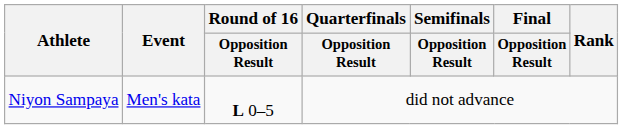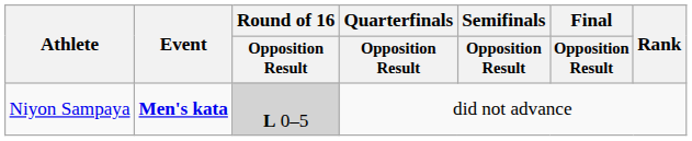 <table class="wikitable" style="font-size:90%;">
 <tr>
 <th rowspan=2>Athlete</th>
 <th rowspan=2>Event</th>
 <th>Round of 16</th>
 <th>Quarterfinals</th>
 <th>Semifinals</th>
 <th>Final</th>
 <th rowspan=2>Rank</th>
 </tr>
 <tr style="font-size:85%">
 <th>Opposition<br>Result</th>
 <th>Opposition<br>Result</th>
 <th>Opposition<br>Result</th>
 <th>Opposition<br>Result</th>
 </tr>
 <tr align=center>
 <td align=left><a href='#'>Niyon Sampaya</a></td>
-<td align=left><a href='#'>Men's kata</a></td>
-<td><br><strong>L</strong> 0–5</td>
+<td align=left><strong><a href='#'>Men's kata</a></strong></td>
+<td style="background: lightgrey;"><br><strong>L</strong> 0–5</td>
 <td colspan=4>did not advance</td>
 </tr>
 </table>
